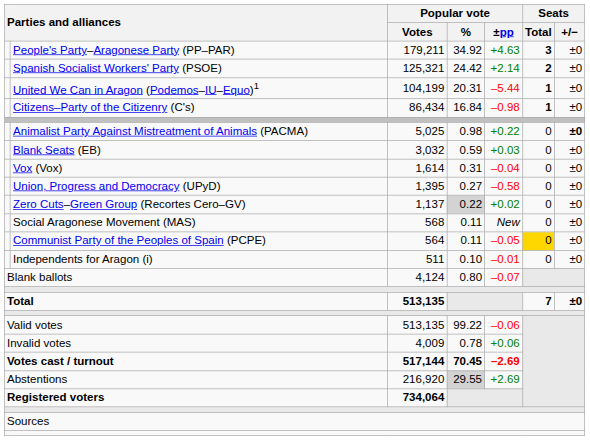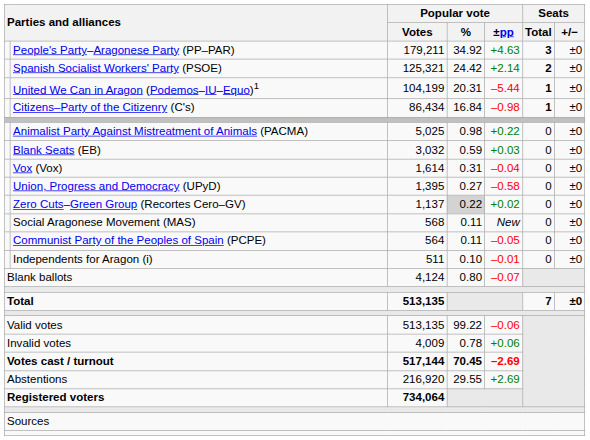 <table class="wikitable" style="text-align:right;">
 <tr>
 <th style="text-align:left;" rowspan="2" colspan="2" width="525">Parties and alliances</th>
 <th colspan="3">Popular vote</th>
 <th colspan="2">Seats</th>
 </tr>
 <tr>
 <th width="75">Votes</th>
 <th width="45">%</th>
 <th width="45">±<a href='#'>pp</a></th>
 <th width="35">Total</th>
 <th width="35">+/−</th>
 </tr>
 <tr>
 <td width="1" style="color:inherit;background:"></td>
 <td align="left"><a href='#'>People's Party</a>–<a href='#'>Aragonese Party</a> (PP–PAR)</td>
 <td>179,211</td>
 <td>34.92</td>
 <td style="color:green;">+4.63</td>
 <td><strong>3</strong></td>
 <td>±0</td>
 </tr>
 <tr>
 <td style="color:inherit;background:"></td>
 <td align="left"><a href='#'>Spanish Socialist Workers' Party</a> (PSOE)</td>
 <td>125,321</td>
 <td>24.42</td>
 <td style="color:green;">+2.14</td>
 <td><strong>2</strong></td>
 <td>±0</td>
 </tr>
 <tr>
 <td style="color:inherit;background:"></td>
 <td align="left"><a href='#'>United We Can in Aragon</a> (<a href='#'>Podemos</a>–<a href='#'>IU</a>–<a href='#'>Equo</a>)<sup>1</sup></td>
 <td>104,199</td>
 <td>20.31</td>
 <td style="color:red;">–5.44</td>
 <td><strong>1</strong></td>
 <td>±0</td>
 </tr>
 <tr>
 <td style="color:inherit;background:"></td>
 <td align="left"><a href='#'>Citizens–Party of the Citizenry</a> (C's)</td>
 <td>86,434</td>
 <td>16.84</td>
 <td style="color:red;">–0.98</td>
 <td><strong>1</strong></td>
 <td>±0</td>
 </tr>
 <tr>
 <td colspan="7" bgcolor="#C0C0C0"></td>
 </tr>
 <tr>
 <td style="color:inherit;background:"></td>
 <td align="left"><a href='#'>Animalist Party Against Mistreatment of Animals</a> (PACMA)</td>
 <td>5,025</td>
 <td>0.98</td>
 <td style="color:green;">+0.22</td>
 <td>0</td>
-<td><strong>±0</strong></td>
+<td>±0</td>
 </tr>
 <tr>
 <td style="color:inherit;background:"></td>
 <td align="left"><a href='#'>Blank Seats</a> (EB)</td>
 <td>3,032</td>
 <td>0.59</td>
 <td style="color:green;">+0.03</td>
 <td>0</td>
 <td>±0</td>
 </tr>
 <tr>
 <td style="color:inherit;background:"></td>
 <td align="left"><a href='#'>Vox</a> (Vox)</td>
 <td>1,614</td>
 <td>0.31</td>
 <td style="color:red;">–0.04</td>
 <td>0</td>
 <td>±0</td>
 </tr>
 <tr>
 <td style="color:inherit;background:"></td>
 <td align="left"><a href='#'>Union, Progress and Democracy</a> (UPyD)</td>
 <td>1,395</td>
 <td>0.27</td>
 <td style="color:red;">–0.58</td>
 <td>0</td>
 <td>±0</td>
 </tr>
 <tr>
 <td style="color:inherit;background:"></td>
 <td align="left"><a href='#'>Zero Cuts</a>–<a href='#'>Green Group</a> (Recortes Cero–GV)</td>
 <td>1,137</td>
 <td style="background: lightgrey;">0.22</td>
 <td style="color:green;">+0.02</td>
 <td>0</td>
 <td>±0</td>
 </tr>
 <tr>
 <td style="color:inherit;background:"></td>
 <td align="left">Social Aragonese Movement (MAS)</td>
 <td>568</td>
 <td>0.11</td>
 <td><em>New</em></td>
 <td>0</td>
 <td>±0</td>
 </tr>
 <tr>
 <td style="color:inherit;background:"></td>
 <td align="left"><a href='#'>Communist Party of the Peoples of Spain</a> (PCPE)</td>
 <td>564</td>
 <td>0.11</td>
 <td style="color:red;">–0.05</td>
-<td style="background: gold;">0</td>
+<td>0</td>
 <td>±0</td>
 </tr>
 <tr>
 <td style="color:inherit;background:"></td>
 <td align="left">Independents for Aragon (i)</td>
 <td>511</td>
 <td>0.10</td>
 <td style="color:red;">–0.01</td>
 <td>0</td>
 <td>±0</td>
 </tr>
 <tr>
 <td align="left" colspan="2">Blank ballots</td>
 <td>4,124</td>
 <td>0.80</td>
 <td style="color:red;">–0.07</td>
 <td bgcolor="#E9E9E9" colspan="2"></td>
 </tr>
 <tr>
 <td colspan="7" bgcolor="#E9E9E9"></td>
 </tr>
 <tr style="font-weight:bold;">
 <td align="left" colspan="2">Total</td>
 <td>513,135</td>
 <td bgcolor="#E9E9E9" colspan="2"></td>
 <td>7</td>
 <td>±0</td>
 </tr>
 <tr>
 <td colspan="7" bgcolor="#E9E9E9"></td>
 </tr>
 <tr>
 <td align="left" colspan="2">Valid votes</td>
 <td>513,135</td>
 <td>99.22</td>
 <td style="color:red;">–0.06</td>
 <td bgcolor="#E9E9E9" colspan="2" rowspan="5"></td>
 </tr>
 <tr>
 <td align="left" colspan="2">Invalid votes</td>
 <td>4,009</td>
 <td>0.78</td>
 <td style="color:green;">+0.06</td>
 </tr>
 <tr style="font-weight:bold;">
 <td align="left" colspan="2">Votes cast / turnout</td>
 <td>517,144</td>
 <td>70.45</td>
 <td style="color:red;">–2.69</td>
 </tr>
 <tr>
 <td align="left" colspan="2">Abstentions</td>
 <td>216,920</td>
-<td style="background: lightgrey;">29.55</td>
+<td>29.55</td>
 <td style="color:green;">+2.69</td>
 </tr>
 <tr style="font-weight:bold;">
 <td align="left" colspan="2">Registered voters</td>
 <td>734,064</td>
 <td bgcolor="#E9E9E9" colspan="2"></td>
 </tr>
 <tr>
 <td colspan="7" bgcolor="#E9E9E9"></td>
 </tr>
 <tr>
 <td align="left" colspan="7">Sources</td>
 </tr>
 <tr>
 <td colspan="7" style="text-align:left; max-width:790px;"></td>
 </tr>
 </table>
